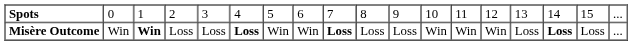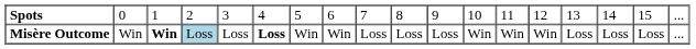 <table border="1" cellspacing="0">
 <tr>
 <td> <strong>Spots</strong></td>
 <td> 0</td>
 <td> 1</td>
 <td> 2</td>
 <td> 3</td>
 <td> 4</td>
 <td> 5</td>
 <td> 6</td>
 <td> 7</td>
 <td> 8</td>
 <td> 9</td>
 <td> 10</td>
 <td> 11</td>
 <td> 12</td>
 <td> 13</td>
 <td> 14</td>
 <td> 15</td>
 <td> ...</td>
 </tr>
 <tr>
 <td> <strong>Misère Outcome</strong> </td>
 <td> Win </td>
 <td> <strong>Win</strong> </td>
-<td> Loss </td>
+<td style="background: lightblue;"> Loss </td>
 <td> Loss </td>
 <td> <strong>Loss</strong> </td>
 <td> Win </td>
 <td> Win </td>
-<td><strong> Loss </strong></td>
+<td> Loss </td>
 <td> Loss </td>
 <td> Loss </td>
 <td> Win </td>
 <td> Win </td>
 <td> Win </td>
 <td> Loss </td>
-<td><strong> Loss </strong></td>
+<td> Loss </td>
 <td> Loss </td>
 <td> ... </td>
 </tr>
 </table>
